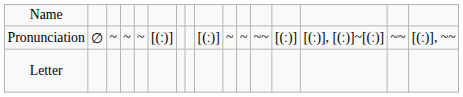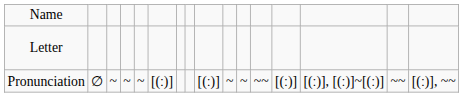 <table class="wikitable" style="text-align:center;">
 <tr>
 <td>Name</td>
 <td></td>
 <td></td>
 <td></td>
 <td></td>
 <td></td>
 <td></td>
 <td></td>
 <td></td>
 <td></td>
 <td></td>
 <td></td>
 <td></td>
 <td></td>
 <td></td>
 <td></td>
 </tr>
 <tr>
+<td>Letter</td>
+<td style="height:40px; font-size:150%; vertical-align:top;"></td>
+<td style="height:40px; font-size:150%; vertical-align:top;"></td>
+<td style="height:40px; font-size:150%; vertical-align:top;"></td>
+<td style="height:40px; font-size:150%; vertical-align:top;"></td>
+<td style="height:40px; font-size:150%; vertical-align:top;"></td>
+<td style="height:40px; font-size:150%; vertical-align:top;"></td>
+<td style="height:40px; font-size:150%; vertical-align:top;"></td>
+<td style="height:40px; font-size:150%; vertical-align:top;"></td>
+<td style="height:40px; font-size:150%; vertical-align:top;"></td>
+<td style="height:40px; font-size:150%; vertical-align:top;"></td>
+<td style="height:40px; font-size:150%; vertical-align:top;"></td>
+<td style="height:40px; font-size:150%; vertical-align:top;"></td>
+<td style="height:40px; font-size:150%; vertical-align:top;"></td>
+<td style="height:40px; font-size:150%; vertical-align:top;"></td>
+<td style="height:40px; font-size:150%; vertical-align:top;"></td>
+</tr>
+<tr>
 <td>Pronunciation</td>
 <td>∅</td>
 <td>~</td>
 <td>~</td>
 <td>~</td>
 <td>[(ː)]</td>
 <td></td>
 <td></td>
 <td>[(ː)]</td>
 <td>~</td>
 <td>~</td>
 <td>~~</td>
 <td>[(ː)]</td>
 <td>[(ː)], [(ː)]~[(ː)]</td>
 <td>~~</td>
 <td>[(ː)], ~~</td>
 </tr>
-<tr>
-<td>Letter</td>
-<td style="height:40px; font-size:150%; vertical-align:top;"></td>
-<td style="height:40px; font-size:150%; vertical-align:top;"></td>
-<td style="height:40px; font-size:150%; vertical-align:top;"></td>
-<td style="height:40px; font-size:150%; vertical-align:top;"></td>
-<td style="height:40px; font-size:150%; vertical-align:top;"></td>
-<td style="height:40px; font-size:150%; vertical-align:top;"></td>
-<td style="height:40px; font-size:150%; vertical-align:top;"></td>
-<td style="height:40px; font-size:150%; vertical-align:top;"></td>
-<td style="height:40px; font-size:150%; vertical-align:top;"></td>
-<td style="height:40px; font-size:150%; vertical-align:top;"></td>
-<td style="height:40px; font-size:150%; vertical-align:top;"></td>
-<td style="height:40px; font-size:150%; vertical-align:top;"></td>
-<td style="height:40px; font-size:150%; vertical-align:top;"></td>
-<td style="height:40px; font-size:150%; vertical-align:top;"></td>
-<td style="height:40px; font-size:150%; vertical-align:top;"></td>
-</tr>
 </table>
